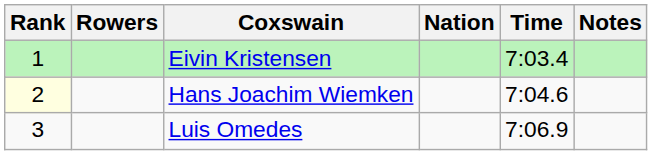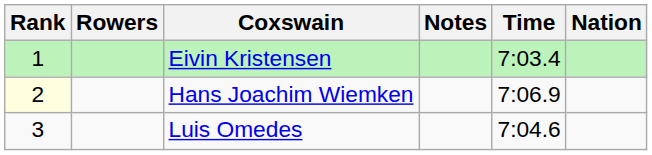 <table class="wikitable sortable" style="text-align:center">
 <tr>
 <th>Rank</th>
 <th>Rowers</th>
 <th>Coxswain</th>
+<th>Notes</th>
+<th>Time</th>
 <th>Nation</th>
-<th>Time</th>
-<th>Notes</th>
 </tr>
 <tr bgcolor=bbf3bb>
 <td>1</td>
 <td align=left></td>
 <td align=left><a href='#'>Eivin Kristensen</a></td>
+<td></td>
+<td>7:03.4</td>
 <td align=left></td>
-<td>7:03.4</td>
-<td></td>
 </tr>
 <tr>
 <td style="background: lightyellow;">2</td>
 <td align=left></td>
 <td align=left><a href='#'>Hans Joachim Wiemken</a></td>
+<td></td>
+<td>7:06.9</td>
 <td align=left></td>
-<td>7:04.6</td>
-<td></td>
 </tr>
 <tr>
 <td>3</td>
 <td align=left></td>
 <td align=left><a href='#'>Luis Omedes</a></td>
+<td></td>
+<td>7:04.6</td>
 <td align=left></td>
-<td>7:06.9</td>
-<td></td>
 </tr>
 </table>
